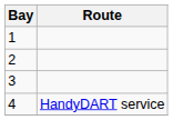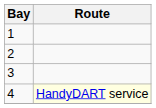 <table class="wikitable">
 <tr>
 <th>Bay</th>
 <th>Route</th>
 </tr>
 <tr>
 <td>1</td>
 <td></td>
 </tr>
 <tr>
 <td>2</td>
 <td></td>
 </tr>
 <tr>
 <td>3</td>
 <td></td>
 </tr>
 <tr>
 <td>4</td>
-<td><a href='#'>HandyDART</a> service</td>
+<td style="background: lightyellow;"><a href='#'>HandyDART</a> service</td>
 </tr>
 <tr>
 </tr>
 </table>
